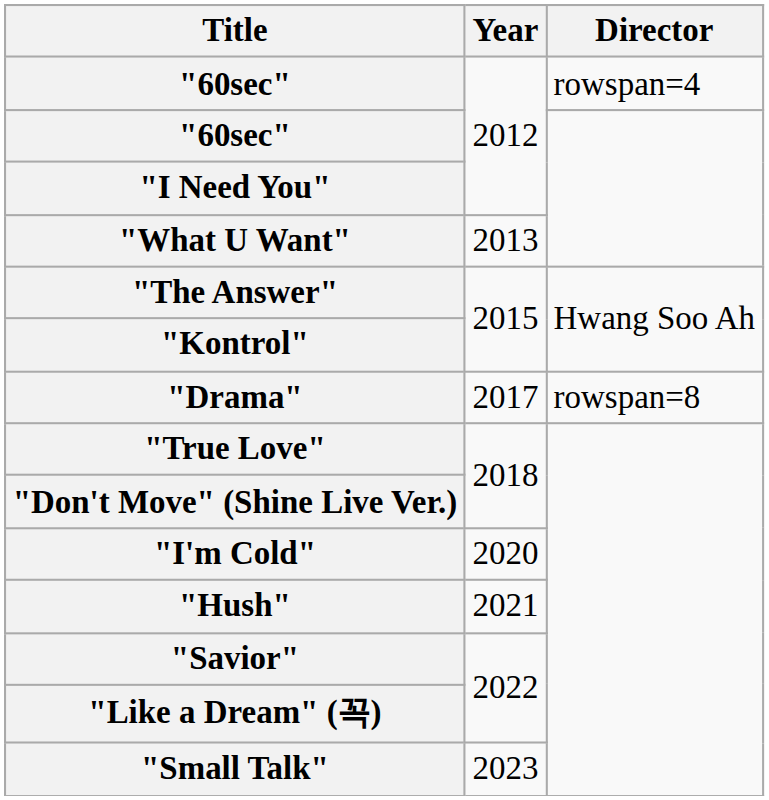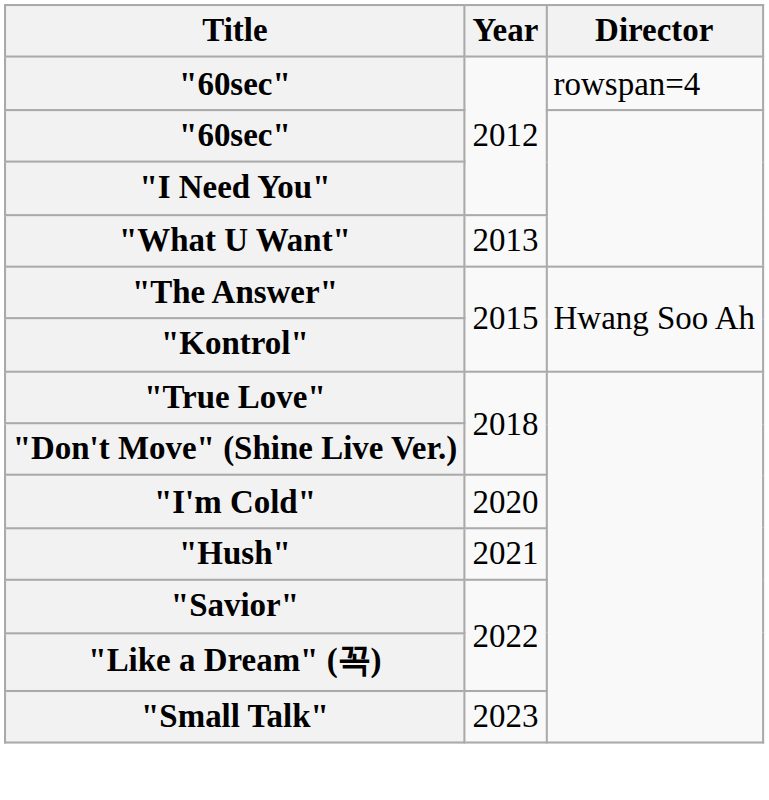 <table class="wikitable plainrowheaders">
 <tr>
 <th>Title</th>
 <th>Year</th>
 <th>Director</th>
 </tr>
 <tr>
 <th scope=row>"60sec"</th>
 <td rowspan=3>2012</td>
 <td>rowspan=4 </td>
 </tr>
 <tr>
 <th scope=row>"60sec" </th>
 </tr>
 <tr>
 <th scope=row>"I Need You"</th>
 </tr>
 <tr>
 <th scope=row>"What U Want" </th>
 <td>2013</td>
 </tr>
 <tr>
 <th scope=row>"The Answer"</th>
 <td rowspan=2>2015</td>
 <td rowspan="2">Hwang Soo Ah</td>
 </tr>
 <tr>
 <th scope=row>"Kontrol"</th>
 </tr>
 <tr>
-<th scope=row>"Drama" </th>
-<td>2017</td>
-<td>rowspan=8 </td>
-</tr>
-<tr>
 <th scope=row>"True Love"</th>
 <td rowspan=2>2018</td>
 </tr>
 <tr>
 <th scope=row>"Don't Move" (Shine Live Ver.)</th>
 </tr>
 <tr>
 <th scope=row>"I'm Cold"</th>
 <td>2020</td>
 </tr>
 <tr>
 <th scope=row>"Hush"</th>
 <td>2021</td>
 </tr>
 <tr>
 <th scope=row>"Savior"</th>
 <td rowspan="2">2022</td>
 </tr>
 <tr>
 <th scope=row>"Like a Dream" (꼭)</th>
 </tr>
 <tr>
 <th scope=row>"Small Talk"</th>
 <td>2023</td>
 </tr>
 </table>
